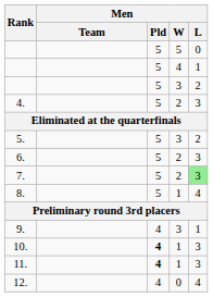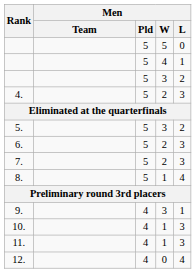 <table class=wikitable>
 <tr>
 <th rowspan=2>Rank</th>
 <th colspan=4>Men</th>
 </tr>
 <tr>
 <th width=150px>Team</th>
 <th width=20px>Pld</th>
 <th width=20px>W</th>
 <th width=20px>L</th>
 </tr>
 <tr align=center>
 <td></td>
 <td align=left></td>
 <td>5</td>
 <td>5</td>
 <td>0</td>
 </tr>
 <tr align=center>
 <td></td>
 <td align=left></td>
 <td>5</td>
 <td>4</td>
 <td>1</td>
 </tr>
 <tr align=center>
 <td></td>
 <td align=left></td>
 <td>5</td>
 <td>3</td>
 <td>2</td>
 </tr>
 <tr align=center>
 <td>4.</td>
 <td align=left></td>
 <td>5</td>
 <td>2</td>
 <td>3</td>
 </tr>
 <tr>
 <th colspan=9>Eliminated at the quarterfinals</th>
 </tr>
 <tr align=center>
 <td>5.</td>
 <td align=left></td>
 <td>5</td>
 <td>3</td>
 <td>2</td>
 </tr>
 <tr align=center>
 <td>6.</td>
 <td align=left></td>
 <td>5</td>
 <td>2</td>
 <td>3</td>
 </tr>
 <tr align=center>
 <td>7.</td>
 <td align=left></td>
 <td>5</td>
 <td>2</td>
-<td style="background: lightgreen;">3</td>
+<td>3</td>
 </tr>
 <tr align=center>
 <td>8.</td>
 <td align=left></td>
 <td>5</td>
 <td>1</td>
 <td>4</td>
 </tr>
 <tr>
 <th colspan=9>Preliminary round 3rd placers</th>
 </tr>
 <tr align=center>
 <td>9.</td>
 <td align=left></td>
 <td>4</td>
 <td>3</td>
 <td>1</td>
 </tr>
 <tr align=center>
 <td>10.</td>
 <td align=left></td>
-<td><strong>4</strong></td>
+<td>4</td>
 <td>1</td>
 <td>3</td>
 </tr>
 <tr align=center>
 <td>11.</td>
 <td align=left></td>
-<td><strong>4</strong></td>
+<td>4</td>
 <td>1</td>
 <td>3</td>
 </tr>
 <tr align=center>
 <td>12.</td>
 <td align=left></td>
 <td>4</td>
 <td>0</td>
 <td>4</td>
 </tr>
 </table>
